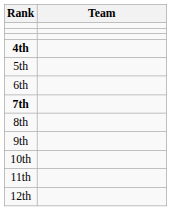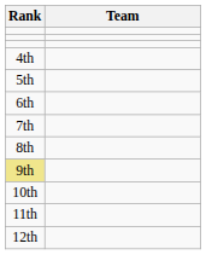 <table class=wikitable style="text-align:center;">
 <tr>
 <th>Rank</th>
 <th width=170>Team</th>
 </tr>
 <tr>
 <td></td>
 <td align=left></td>
 </tr>
 <tr>
 <td></td>
 <td align=left></td>
 </tr>
 <tr>
 <td></td>
 <td align=left></td>
 </tr>
 <tr>
-<td><strong>4th</strong></td>
+<td>4th</td>
 <td align=left></td>
 </tr>
 <tr>
 <td>5th</td>
 <td align=left></td>
 </tr>
 <tr>
 <td>6th</td>
 <td align=left></td>
 </tr>
 <tr>
-<td><strong>7th</strong></td>
+<td>7th</td>
 <td align=left></td>
 </tr>
 <tr>
 <td>8th</td>
 <td align=left></td>
 </tr>
 <tr>
-<td>9th</td>
+<td style="background: khaki;">9th</td>
 <td align=left></td>
 </tr>
 <tr>
 <td>10th</td>
 <td align=left></td>
 </tr>
 <tr>
 <td>11th</td>
 <td align=left></td>
 </tr>
 <tr>
 <td>12th</td>
 <td align=left></td>
 </tr>
 </table>
